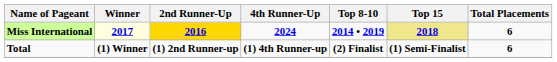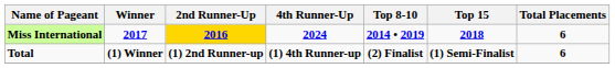 <table class="wikitable sortable" style="font-size:95%;">
 <tr>
 <th>Name of Pageant</th>
 <th>Winner</th>
 <th>2nd Runner-Up</th>
 <th>4th Runner-Up</th>
 <th>Top 8-10</th>
 <th>Top 15</th>
 <th>Total Placements</th>
 </tr>
 <tr>
 <td bgcolor="#CCFF99"><strong>Miss International</strong></td>
-<td align="center" style="background: lightyellow;"><strong><a href='#'>2017</a></strong></td>
+<td align="center"><strong><a href='#'>2017</a></strong></td>
 <td align="center" style="background: gold;"><strong><a href='#'>2016</a></strong></td>
 <td align="center"><strong><a href='#'>2024</a></strong></td>
 <td align="center"><strong><a href='#'>2014</a> • <a href='#'>2019</a></strong></td>
-<td align="center" style="background: khaki;"><strong><a href='#'>2018</a></strong></td>
+<td align="center"><strong><a href='#'>2018</a></strong></td>
 <td align="center"><strong>6</strong></td>
 </tr>
 <tr>
 <td><strong>Total</strong></td>
 <td align="center"><strong>(1) Winner</strong></td>
 <td align="center"><strong>(1) 2nd Runner-up</strong></td>
 <td align="center"><strong>(1) 4th Runner-up</strong></td>
 <td align="center"><strong>(2) Finalist</strong></td>
 <td align="center"><strong>(1) Semi-Finalist</strong></td>
 <td align="center"><strong>6</strong></td>
 </tr>
 <tr>
 </tr>
 </table>
